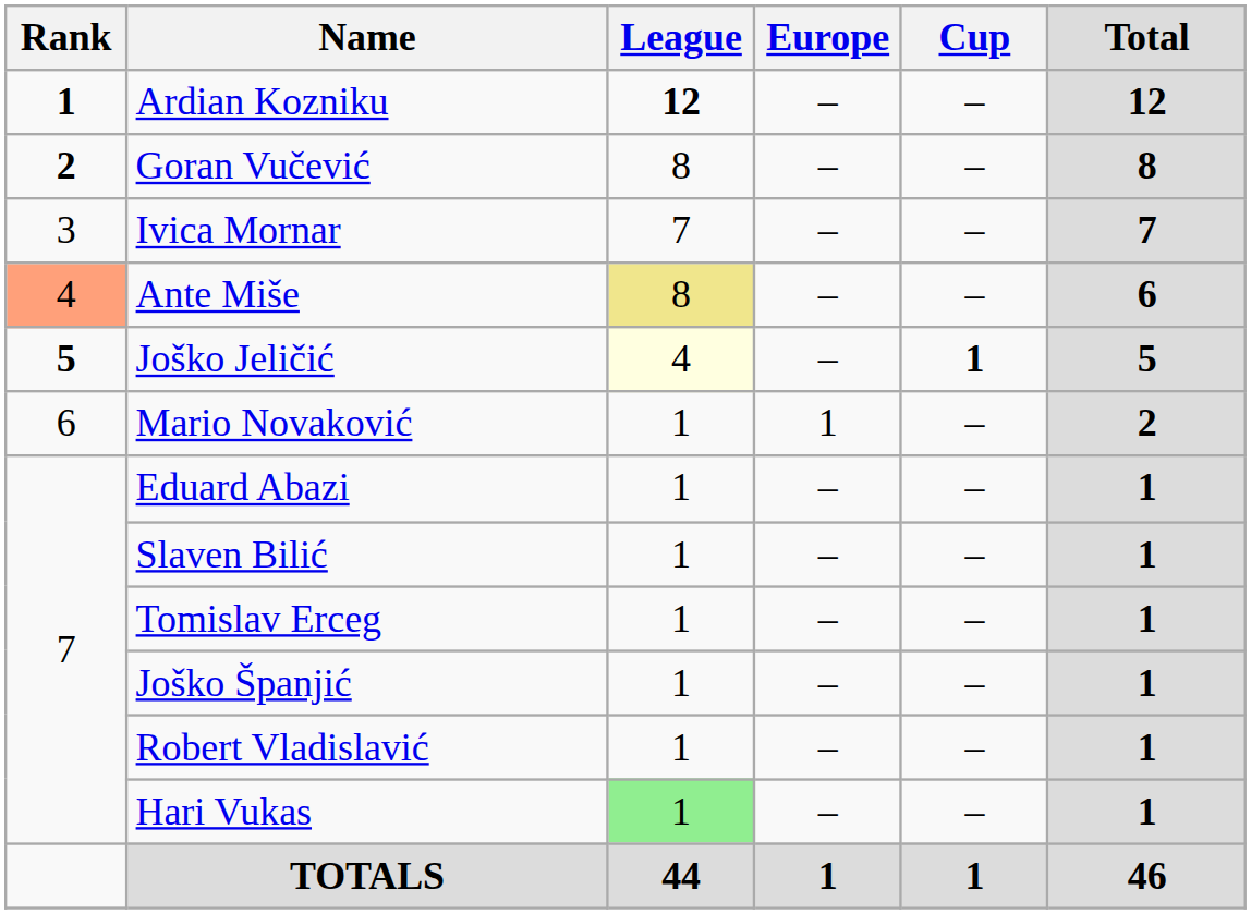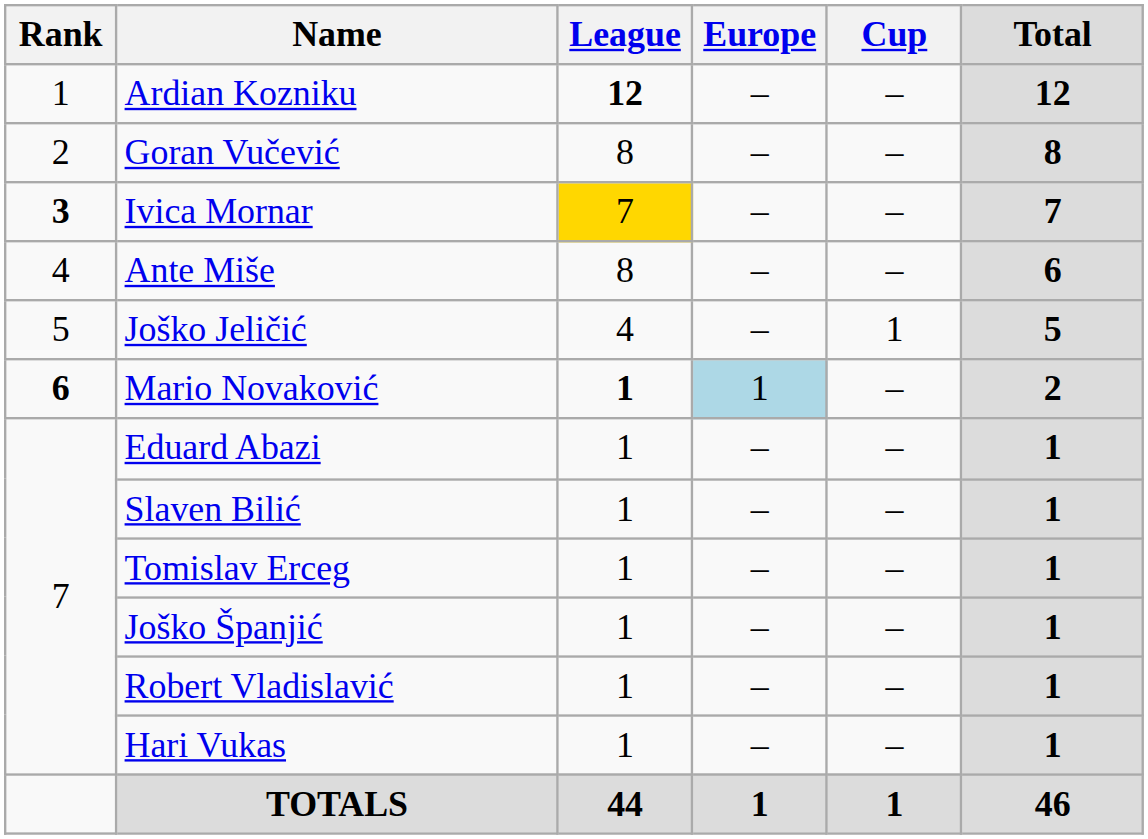 <table class="wikitable" style="font-size: 95%; text-align: center;">
 <tr>
 <th width=40>Rank</th>
 <th width=180>Name</th>
 <th width=50><a href='#'>League</a></th>
 <th width=50><a href='#'>Europe</a></th>
 <th width=50><a href='#'>Cup</a></th>
 <th width=70 style="background: #DCDCDC">Total</th>
 </tr>
 <tr>
-<td rowspan=1><strong>1</strong></td>
+<td rowspan=1>1</td>
 <td style="text-align:left;"> <a href='#'>Ardian Kozniku</a></td>
 <td><strong>12</strong></td>
 <td>–</td>
 <td>–</td>
 <th style="background: #DCDCDC">12</th>
 </tr>
 <tr>
-<td rowspan=1><strong>2</strong></td>
+<td rowspan=1>2</td>
 <td style="text-align:left;"> <a href='#'>Goran Vučević</a></td>
 <td>8</td>
 <td>–</td>
 <td>–</td>
 <th style="background: #DCDCDC">8</th>
 </tr>
 <tr>
-<td rowspan=1>3</td>
+<td rowspan=1><strong>3</strong></td>
 <td style="text-align:left;"> <a href='#'>Ivica Mornar</a></td>
-<td>7</td>
+<td style="background: gold;">7</td>
 <td>–</td>
 <td>–</td>
 <th style="background: #DCDCDC">7</th>
 </tr>
 <tr>
-<td rowspan=1 style="background: lightsalmon;">4</td>
+<td rowspan=1>4</td>
 <td style="text-align:left;"> <a href='#'>Ante Miše</a></td>
-<td style="background: khaki;">8</td>
+<td>8</td>
 <td>–</td>
 <td>–</td>
 <th style="background: #DCDCDC">6</th>
 </tr>
 <tr>
-<td rowspan=1><strong>5</strong></td>
+<td rowspan=1>5</td>
 <td style="text-align:left;"> <a href='#'>Joško Jeličić</a></td>
-<td style="background: lightyellow;">4</td>
+<td>4</td>
 <td>–</td>
-<td><strong>1</strong></td>
+<td>1</td>
 <th style="background: #DCDCDC">5</th>
 </tr>
 <tr>
-<td rowspan=1>6</td>
+<td rowspan=1><strong>6</strong></td>
 <td style="text-align:left;"> <a href='#'>Mario Novaković</a></td>
-<td>1</td>
-<td>1</td>
+<td><strong>1</strong></td>
+<td style="background: lightblue;">1</td>
 <td>–</td>
 <th style="background: #DCDCDC">2</th>
 </tr>
 <tr>
 <td rowspan=6>7</td>
 <td style="text-align:left;"> <a href='#'>Eduard Abazi</a></td>
 <td>1</td>
 <td>–</td>
 <td>–</td>
 <th style="background: #DCDCDC">1</th>
 </tr>
 <tr>
 <td style="text-align:left;"> <a href='#'>Slaven Bilić</a></td>
 <td>1</td>
 <td>–</td>
 <td>–</td>
 <th style="background: #DCDCDC">1</th>
 </tr>
 <tr>
 <td style="text-align:left;"> <a href='#'>Tomislav Erceg</a></td>
 <td>1</td>
 <td>–</td>
 <td>–</td>
 <th style="background: #DCDCDC">1</th>
 </tr>
 <tr>
 <td style="text-align:left;"> <a href='#'>Joško Španjić</a></td>
 <td>1</td>
 <td>–</td>
 <td>–</td>
 <th style="background: #DCDCDC">1</th>
 </tr>
 <tr>
 <td style="text-align:left;"> <a href='#'>Robert Vladislavić</a></td>
 <td>1</td>
 <td>–</td>
 <td>–</td>
 <th style="background: #DCDCDC">1</th>
 </tr>
 <tr>
 <td style="text-align:left;"> <a href='#'>Hari Vukas</a></td>
-<td style="background: lightgreen;">1</td>
+<td>1</td>
 <td>–</td>
 <td>–</td>
 <th style="background: #DCDCDC">1</th>
 </tr>
 <tr>
 <td></td>
 <th style="background: #DCDCDC">TOTALS</th>
 <th style="background: #DCDCDC">44</th>
 <th style="background: #DCDCDC">1</th>
 <th style="background: #DCDCDC">1</th>
 <th style="background: #DCDCDC">46</th>
 </tr>
 </table>
